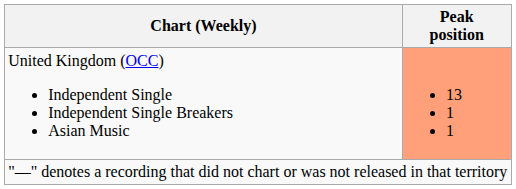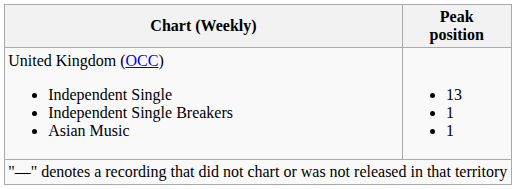 <table class="wikitable plainrowheaders">
 <tr>
 <th scope="col">Chart (Weekly)</th>
 <th scope="col">Peak<br>position</th>
 </tr>
 <tr>
 <td>United Kingdom (<a href='#'>OCC</a>)<br><ul><li>Independent Single</li><li>Independent Single Breakers</li><li>Asian Music</li></ul></td>
-<td style="background: lightsalmon;"><br><ul><li>13</li><li>1</li><li>1</li></ul></td>
+<td><br><ul><li>13</li><li>1</li><li>1</li></ul></td>
 </tr>
 <tr>
 <td colspan="3">"—" denotes a recording that did not chart or was not released in that territory</td>
 </tr>
 </table>
